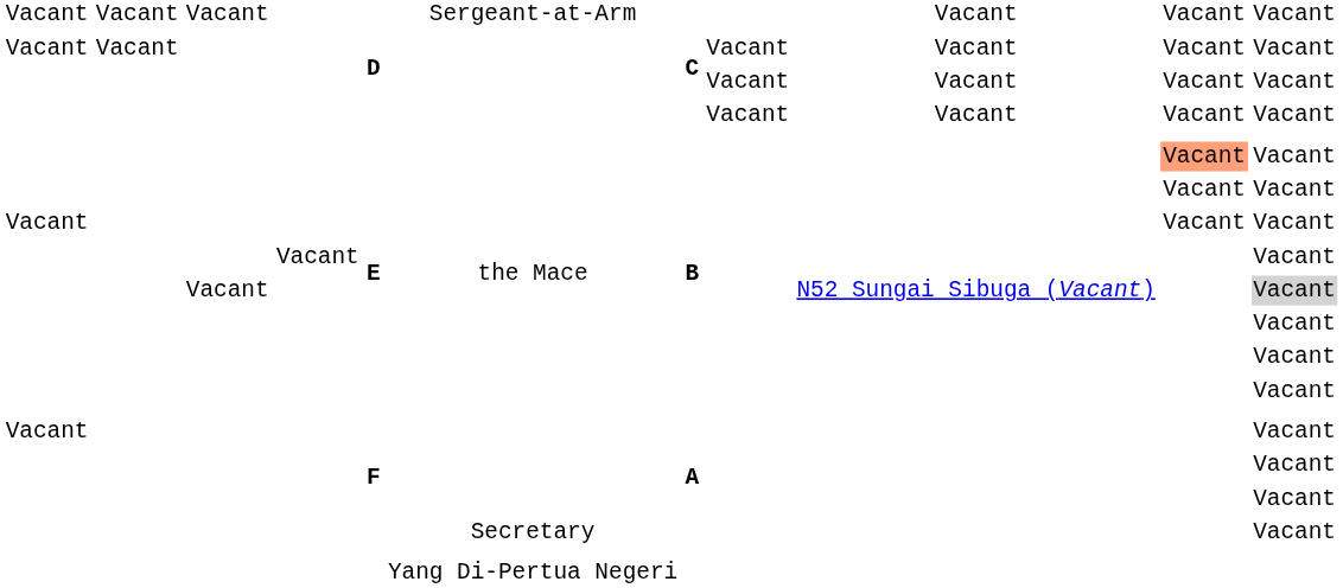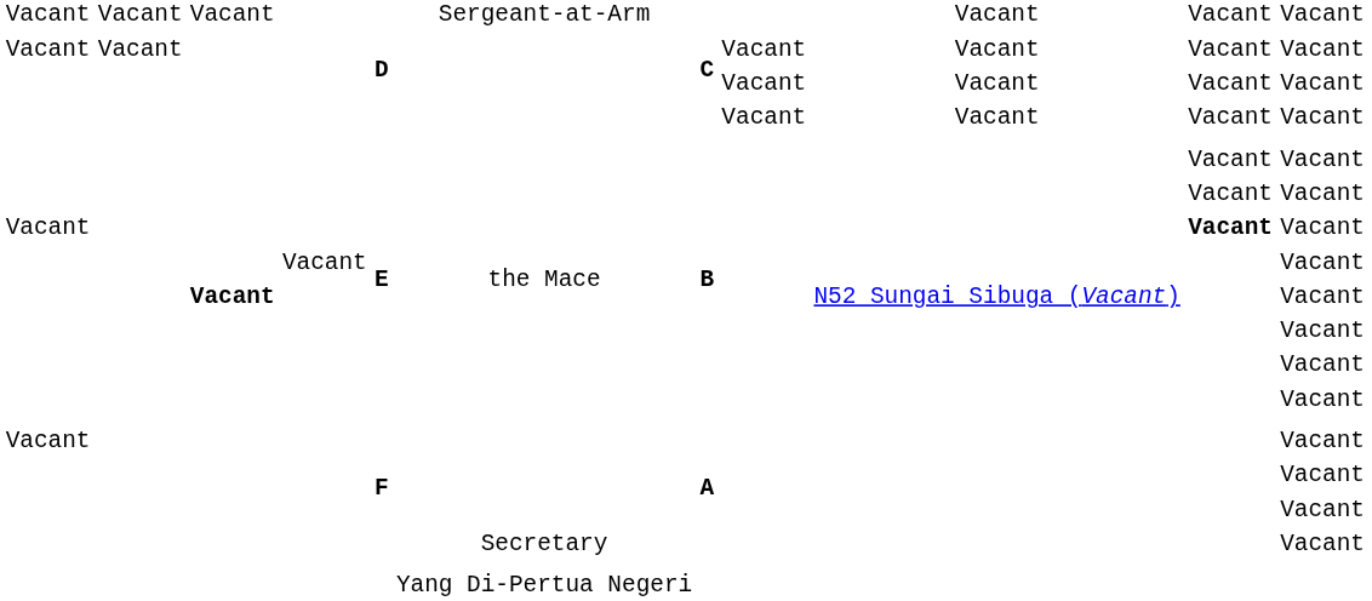 <table style="font-size:95%; text-align:center;">
 <tr>
 <td>Vacant</td>
 <td>Vacant</td>
 <td>Vacant</td>
 <td></td>
 <td rowspan=5><strong>D</strong></td>
 <td>Sergeant-at-Arm</td>
 <td rowspan=5><strong>C</strong></td>
 <td></td>
 <td>Vacant</td>
 <td>Vacant</td>
 <td>Vacant</td>
 </tr>
 <tr>
 <td>Vacant</td>
 <td>Vacant</td>
 <td style="background-color:"></td>
 <td style="background-color:"></td>
 <td></td>
 <td>Vacant</td>
 <td>Vacant</td>
 <td>Vacant</td>
 <td>Vacant</td>
 </tr>
 <tr>
 <td></td>
 <td></td>
 <td></td>
 <td></td>
 <td></td>
 <td>Vacant</td>
 <td>Vacant</td>
 <td>Vacant</td>
 <td>Vacant</td>
 </tr>
 <tr>
 <td></td>
 <td></td>
 <td></td>
 <td></td>
 <td></td>
 <td>Vacant</td>
 <td>Vacant</td>
 <td>Vacant</td>
 <td>Vacant</td>
 </tr>
 <tr>
 <td></td>
 <td></td>
 <td></td>
 <td style="background-color:"></td>
 <td></td>
 <td style="background-color:"></td>
 <td></td>
 <td></td>
 <td></td>
 </tr>
 <tr>
 <td></td>
 <td style="background-color:"></td>
 <td></td>
 <td style="background-color:"></td>
 <td rowspan=8><strong>E</strong></td>
 <td></td>
 <td rowspan=8><strong>B</strong></td>
 <td style="background-color:"></td>
 <td></td>
-<td style="background: lightsalmon;">Vacant</td>
+<td>Vacant</td>
 <td>Vacant</td>
 </tr>
 <tr>
 <td style="background-color:"></td>
 <td style="background-color:"></td>
 <td rowspan=2 style="background-color:"></td>
 <td rowspan=2></td>
 <td></td>
 <td rowspan=2 style="background-color:"></td>
 <td rowspan="2" style="background-color:"></td>
 <td>Vacant</td>
 <td>Vacant</td>
 </tr>
 <tr>
 <td>Vacant</td>
 <td style="background-color:"></td>
 <td></td>
-<td>Vacant</td>
+<td><strong>Vacant</strong></td>
 <td>Vacant</td>
 </tr>
 <tr>
 <td></td>
 <td rowspan=2></td>
 <td></td>
 <td>Vacant</td>
 <td rowspan=2>the Mace</td>
 <td></td>
 <td style="background-color:"></td>
 <td rowspan="2" style="background-color:"></td>
 <td>Vacant</td>
 </tr>
 <tr>
 <td></td>
-<td>Vacant</td>
+<td><strong>Vacant</strong></td>
 <td style="background-color:"></td>
 <td style="background-color:"></td>
 <td><a href='#'>N52 Sungai Sibuga (<em>Vacant</em>)</a></td>
-<td style="background: lightgrey;">Vacant</td>
+<td>Vacant</td>
 </tr>
 <tr>
 <td style="background-color:"></td>
 <td></td>
 <td rowspan=2 bgcolor=></td>
 <td rowspan="2"></td>
 <td></td>
 <td rowspan="2"></td>
 <td rowspan="2" style="background-color:"></td>
 <td></td>
 <td>Vacant</td>
 </tr>
 <tr>
 <td bgcolor=></td>
 <td></td>
 <td></td>
 <td></td>
 <td>Vacant</td>
 </tr>
 <tr>
 <td bgcolor=></td>
 <td bgcolor=></td>
 <td bgcolor=></td>
 <td></td>
 <td></td>
 <td style="background-color:"></td>
 <td></td>
 <td bgcolor=></td>
 <td>Vacant</td>
 </tr>
 <tr>
 <td></td>
 <td></td>
 <td></td>
 <td bgcolor=></td>
 <td rowspan=5><strong>F</strong></td>
 <td></td>
 <td rowspan=5><strong>A</strong></td>
 <td bgcolor=></td>
 <td></td>
 <td></td>
 <td></td>
 </tr>
 <tr>
 <td>Vacant</td>
 <td></td>
 <td></td>
 <td bgcolor=></td>
 <td></td>
 <td style="background-color:"></td>
 <td style="background-color:"></td>
 <td bgcolor=></td>
 <td>Vacant</td>
 </tr>
 <tr>
 <td></td>
 <td></td>
 <td></td>
 <td></td>
 <td></td>
 <td></td>
 <td></td>
 <td></td>
 <td>Vacant</td>
 </tr>
 <tr>
 <td></td>
 <td></td>
 <td></td>
 <td></td>
 <td></td>
 <td style="background-color:"></td>
 <td></td>
 <td></td>
 <td>Vacant</td>
 </tr>
 <tr>
 <td></td>
 <td></td>
 <td></td>
 <td></td>
 <td>Secretary</td>
 <td></td>
 <td style="background-color:"></td>
 <td style="background-color:"></td>
 <td>Vacant</td>
 </tr>
 <tr>
 <td></td>
 <td></td>
 <td></td>
 <td></td>
 <td></td>
 <td></td>
 <td></td>
 <td></td>
 <td></td>
 <td></td>
 <td></td>
 </tr>
 <tr>
 <td></td>
 <td></td>
 <td></td>
 <td></td>
 <td></td>
 <td>Yang Di-Pertua Negeri</td>
 <td></td>
 <td></td>
 <td></td>
 <td></td>
 <td></td>
 </tr>
 </table>
